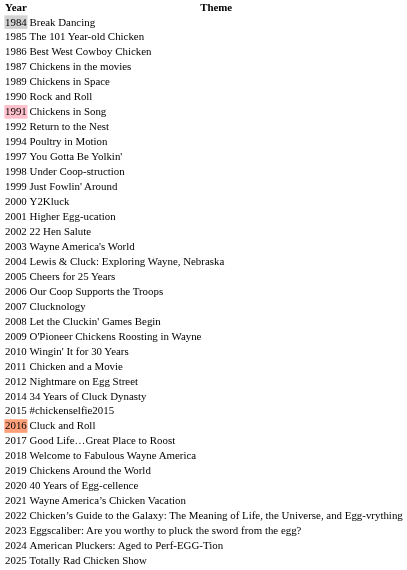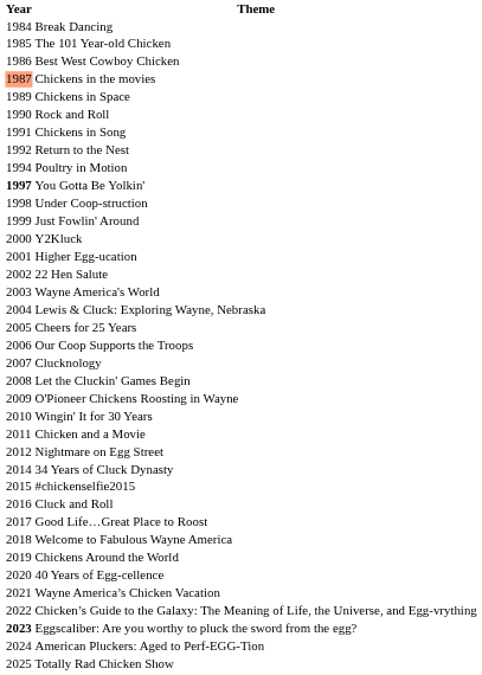 <table wikitable>
 <tr>
 <th>Year</th>
 <th>Theme</th>
 </tr>
 <tr>
-<td style="background: lightgrey;">1984</td>
+<td>1984</td>
 <td>Break Dancing</td>
 </tr>
 <tr>
 <td>1985</td>
 <td>The 101 Year-old Chicken</td>
 </tr>
 <tr>
 <td>1986</td>
 <td>Best West Cowboy Chicken</td>
 </tr>
 <tr>
-<td>1987</td>
+<td style="background: lightsalmon;">1987</td>
 <td>Chickens in the movies</td>
 </tr>
 <tr>
 <td>1989</td>
 <td>Chickens in Space</td>
 </tr>
 <tr>
 <td>1990</td>
 <td>Rock and Roll</td>
 </tr>
 <tr>
-<td style="background: pink;">1991</td>
+<td>1991</td>
 <td>Chickens in Song</td>
 </tr>
 <tr>
 <td>1992</td>
 <td>Return to the Nest</td>
 </tr>
 <tr>
 <td>1994</td>
 <td>Poultry in Motion</td>
 </tr>
 <tr>
-<td>1997</td>
+<td><strong>1997</strong></td>
 <td>You Gotta Be Yolkin'</td>
 </tr>
 <tr>
 <td>1998</td>
 <td>Under Coop-struction</td>
 </tr>
 <tr>
 <td>1999</td>
 <td>Just Fowlin' Around</td>
 </tr>
 <tr>
 <td>2000</td>
 <td>Y2Kluck</td>
 </tr>
 <tr>
 <td>2001</td>
 <td>Higher Egg-ucation</td>
 </tr>
 <tr>
 <td>2002</td>
 <td>22 Hen Salute</td>
 </tr>
 <tr>
 <td>2003</td>
 <td>Wayne America's World</td>
 </tr>
 <tr>
 <td>2004</td>
 <td>Lewis & Cluck: Exploring Wayne, Nebraska</td>
 </tr>
 <tr>
 <td>2005</td>
 <td>Cheers for 25 Years</td>
 </tr>
 <tr>
 <td>2006</td>
 <td>Our Coop Supports the Troops</td>
 </tr>
 <tr>
 <td>2007</td>
 <td>Clucknology</td>
 </tr>
 <tr>
 <td>2008</td>
 <td>Let the Cluckin' Games Begin</td>
 </tr>
 <tr>
 <td>2009</td>
 <td>O'Pioneer Chickens Roosting in Wayne</td>
 </tr>
 <tr>
 <td>2010</td>
 <td>Wingin' It for 30 Years</td>
 </tr>
 <tr>
 <td>2011</td>
 <td>Chicken and a Movie</td>
 </tr>
 <tr>
 <td>2012</td>
 <td>Nightmare on Egg Street</td>
 </tr>
 <tr>
 <td>2014</td>
 <td>34 Years of Cluck Dynasty</td>
 </tr>
 <tr>
 <td>2015</td>
 <td>#chickenselfie2015</td>
 </tr>
 <tr>
-<td style="background: lightsalmon;">2016</td>
+<td>2016</td>
 <td>Cluck and Roll</td>
 </tr>
 <tr>
 <td>2017</td>
 <td>Good Life…Great Place to Roost</td>
 </tr>
 <tr>
 <td>2018</td>
 <td>Welcome to Fabulous Wayne America</td>
 </tr>
 <tr>
 <td>2019</td>
 <td>Chickens Around the World</td>
 </tr>
 <tr>
 <td>2020</td>
 <td>40 Years of Egg-cellence</td>
 </tr>
 <tr>
 <td>2021</td>
 <td>Wayne America’s Chicken Vacation</td>
 </tr>
 <tr>
 <td>2022</td>
 <td>Chicken’s Guide to the Galaxy: The Meaning of Life, the Universe, and Egg-vrything</td>
 </tr>
 <tr>
-<td>2023</td>
+<td><strong>2023</strong></td>
 <td>Eggscaliber: Are you worthy to pluck the sword from the egg?</td>
 </tr>
 <tr>
 <td>2024</td>
 <td>American Pluckers: Aged to Perf-EGG-Tion</td>
 </tr>
 <tr>
 <td>2025</td>
 <td>Totally Rad Chicken Show</td>
 </tr>
 </table>
